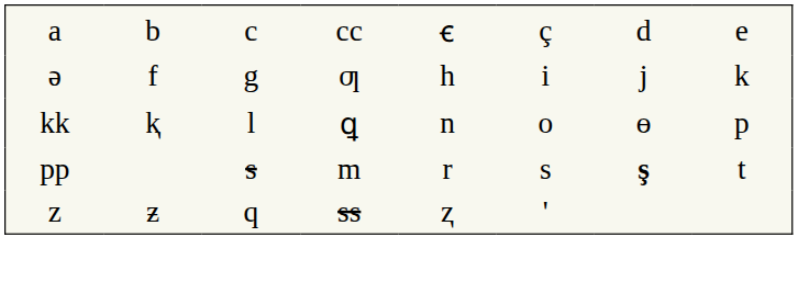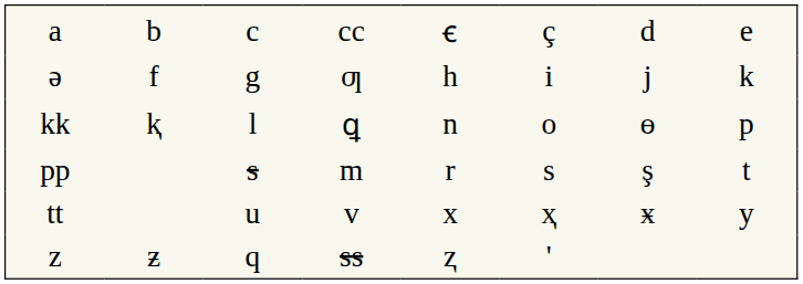 <table style="font-family:Arial Unicode MS; font-size:1.4em; border-color:#000; border-width:1px; border-style:solid; border-collapse:collapse; background:#f8f8ef;">
 <tr>
 <td style="width:3em; text-align:center; padding: 3px;">а</td>
 <td style="width:3em; text-align:center; padding: 3px;">b</td>
 <td style="width:3em; text-align:center; padding: 3px;">c</td>
 <td style="width:3em; text-align:center; padding: 3px;">сс</td>
 <td style="width:3em; text-align:center; padding: 3px;">ꞓ</td>
 <td style="width:3em; text-align:center; padding: 3px;">ç</td>
 <td style="width:3em; text-align:center; padding: 3px;">d</td>
 <td style="width:3em; text-align:center; padding: 3px;">е</td>
 </tr>
 <tr style="text-align:center;">
 <td style="width:3em; padding: 3px;">ə</td>
 <td style="width:3em; padding: 3px;">f</td>
 <td style="width:3em; padding: 3px;">g</td>
 <td style="width:3em; padding: 3px;">ƣ</td>
 <td style="width:3em; padding: 3px;">h</td>
 <td style="width:3em; padding: 3px;">i</td>
 <td style="width:3em; padding: 3px;">j</td>
 <td style="width:3em; padding: 3px;">k</td>
 </tr>
 <tr style="text-align:center;">
 <td style="width:3em; padding: 3px;">kk</td>
 <td style="width:3em; padding: 3px;">ⱪ</td>
 <td style="width:3em; padding: 3px;">l</td>
 <td style="width:3em; padding: 3px;">ꝗ</td>
 <td style="width:3em; padding: 3px;">n</td>
 <td style="width:3em; padding: 3px;">о</td>
 <td style="width:3em; padding: 3px;">ɵ</td>
 <td style="width:3em; padding: 3px;">p</td>
 </tr>
 <tr style="text-align:center;">
 <td style="width:3em; padding: 3px;">pp</td>
 <td style="width:3em; padding: 3px;"></td>
 <td style="width:3em; padding: 3px;"><s>s</s></td>
 <td style="width:3em; padding: 3px;">m</td>
 <td style="width:3em; padding: 3px;">r</td>
 <td style="width:3em; padding: 3px;">s</td>
-<td style="width:3em; padding: 3px;"><strong>ş</strong></td>
+<td style="width:3em; padding: 3px;">ş</td>
 <td style="width:3em; padding: 3px;">t</td>
+</tr>
+<tr style="text-align:center;">
+<td style="width:3em; padding: 3px;">tt</td>
+<td style="width:3em; padding: 3px;"></td>
+<td style="width:3em; padding: 3px;">u</td>
+<td style="width:3em; padding: 3px;">v</td>
+<td style="width:3em; padding: 3px;">x</td>
+<td style="width:3em; padding: 3px;">ҳ</td>
+<td style="width:3em; padding: 3px;">ӿ</td>
+<td style="width:3em; padding: 3px;">y</td>
 </tr>
 <tr style="text-align:center;">
 <td style="width:3em; padding: 3px;">z</td>
 <td style="width:3em; padding: 3px;">ƶ</td>
 <td style="width:3em; padding: 3px;">q</td>
 <td style="width:3em; padding: 3px;"><s>ss</s></td>
 <td style="width:3em; padding: 3px;">ⱬ</td>
 <td style="width:3em; padding: 3px;">'</td>
 </tr>
 </table>
